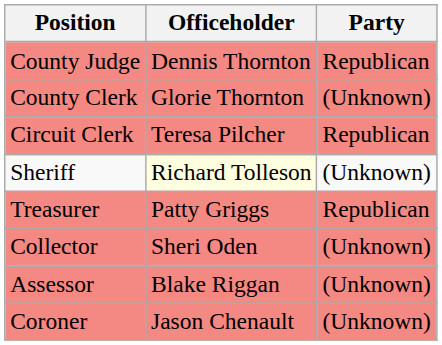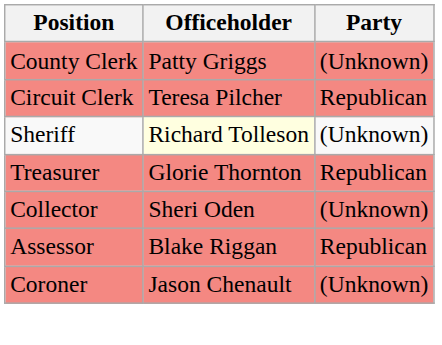 <table class="wikitable">
 <tr>
 <th>Position</th>
 <th>Officeholder</th>
 <th>Party</th>
 </tr>
 <tr style="background-color:#F48882;">
-<td>County Judge</td>
-<td>Dennis Thornton</td>
-<td>Republican</td>
-</tr>
-<tr style="background-color:#F48882;">
 <td>County Clerk</td>
-<td>Glorie Thornton</td>
+<td>Patty Griggs</td>
 <td>(Unknown)</td>
 </tr>
 <tr style="background-color:#F48882;">
 <td>Circuit Clerk</td>
 <td>Teresa Pilcher</td>
 <td>Republican</td>
 </tr>
 <tr>
 <td>Sheriff</td>
 <td style="background: lightyellow;">Richard Tolleson</td>
 <td>(Unknown)</td>
 </tr>
 <tr style="background-color:#F48882;">
 <td>Treasurer</td>
-<td>Patty Griggs</td>
+<td>Glorie Thornton</td>
 <td>Republican</td>
 </tr>
 <tr style="background-color:#F48882;">
 <td>Collector</td>
 <td>Sheri Oden</td>
 <td>(Unknown)</td>
 </tr>
 <tr style="background-color:#F48882;">
 <td>Assessor</td>
 <td>Blake Riggan</td>
-<td>(Unknown)</td>
+<td>Republican</td>
 </tr>
 <tr style="background-color:#F48882;">
 <td>Coroner</td>
 <td>Jason Chenault</td>
 <td>(Unknown)</td>
 </tr>
 </table>
